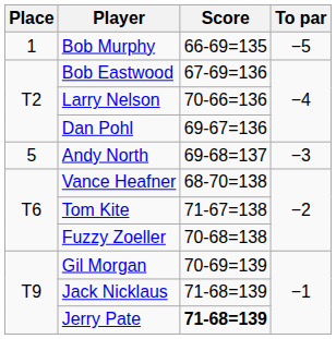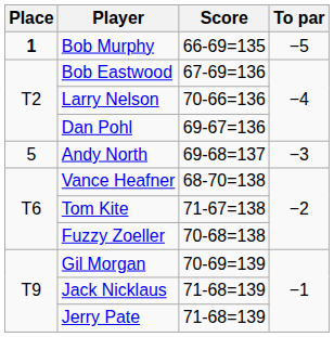 <table class="wikitable">
 <tr>
 <th>Place</th>
 <th>Player</th>
 <th>Score</th>
 <th>To par</th>
 </tr>
 <tr>
-<td align="center">1</td>
+<td align="center"><strong>1</strong></td>
 <td> <a href='#'>Bob Murphy</a></td>
 <td>66-69=135</td>
 <td align="center">−5</td>
 </tr>
 <tr>
 <td rowspan=3 align="center">T2</td>
 <td> <a href='#'>Bob Eastwood</a></td>
 <td>67-69=136</td>
 <td rowspan=3 align="center">−4</td>
 </tr>
 <tr>
 <td> <a href='#'>Larry Nelson</a></td>
 <td>70-66=136</td>
 </tr>
 <tr>
 <td> <a href='#'>Dan Pohl</a></td>
 <td>69-67=136</td>
 </tr>
 <tr>
 <td align="center">5</td>
 <td> <a href='#'>Andy North</a></td>
 <td>69-68=137</td>
 <td align="center">−3</td>
 </tr>
 <tr>
 <td rowspan=3 align="center">T6</td>
 <td> <a href='#'>Vance Heafner</a></td>
 <td>68-70=138</td>
 <td rowspan=3 align="center">−2</td>
 </tr>
 <tr>
 <td> <a href='#'>Tom Kite</a></td>
 <td>71-67=138</td>
 </tr>
 <tr>
 <td> <a href='#'>Fuzzy Zoeller</a></td>
 <td>70-68=138</td>
 </tr>
 <tr>
 <td rowspan=3 align="center">T9</td>
 <td> <a href='#'>Gil Morgan</a></td>
 <td>70-69=139</td>
 <td rowspan=3 align="center">−1</td>
 </tr>
 <tr>
 <td> <a href='#'>Jack Nicklaus</a></td>
 <td>71-68=139</td>
 </tr>
 <tr>
 <td> <a href='#'>Jerry Pate</a></td>
-<td><strong>71-68=139</strong></td>
+<td>71-68=139</td>
 </tr>
 </table>
